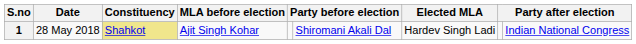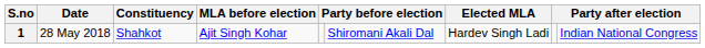 <table class="wikitable sortable">
 <tr>
 <th>S.no</th>
 <th>Date</th>
 <th>Constituency</th>
 <th>MLA before election</th>
 <th colspan="2">Party before election</th>
 <th>Elected MLA</th>
 <th colspan="2">Party after election</th>
 </tr>
 <tr>
 <th>1</th>
 <td>28 May 2018</td>
-<td style="background: khaki;"><a href='#'>Shahkot</a></td>
+<td><a href='#'>Shahkot</a></td>
 <td><a href='#'>Ajit Singh Kohar</a></td>
 <td></td>
 <td><a href='#'>Shiromani Akali Dal</a></td>
 <td>Hardev Singh Ladi</td>
 <td></td>
 <td><a href='#'>Indian National Congress</a></td>
 </tr>
 </table>
